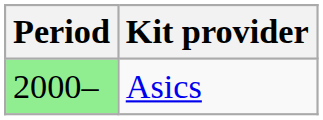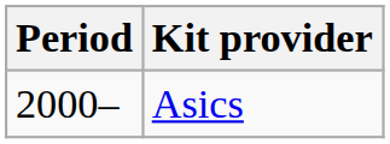 <table class="wikitable" style="text-align: left">
 <tr>
 <th>Period</th>
 <th>Kit provider</th>
 </tr>
 <tr>
-<td style="background: lightgreen;">2000–</td>
+<td>2000–</td>
 <td><a href='#'>Asics</a></td>
 </tr>
 </table>
